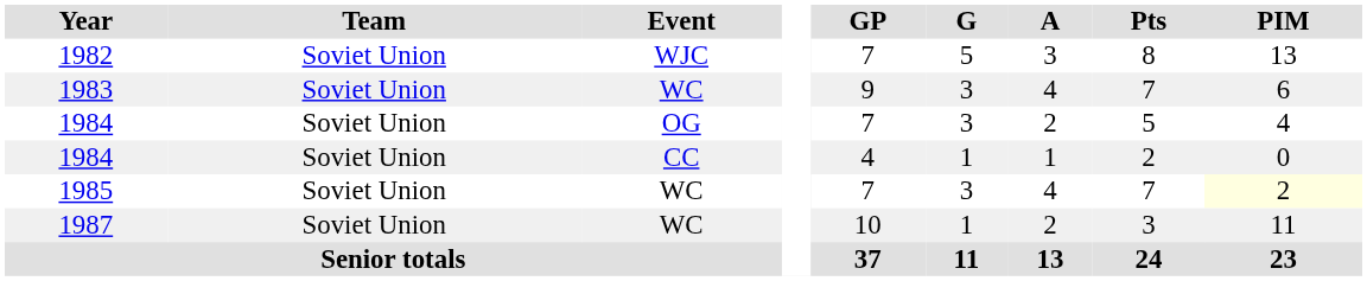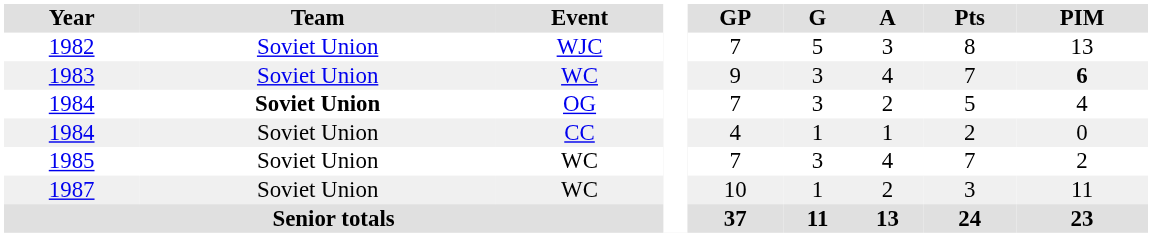 <table border="0" cellpadding="1" cellspacing="0" style="text-align:center; width:50em">
 <tr ALIGN="center" bgcolor="#e0e0e0">
 <th>Year</th>
 <th>Team</th>
 <th>Event</th>
 <th ALIGN="center" rowspan="99" bgcolor="#ffffff"> </th>
 <th>GP</th>
 <th>G</th>
 <th>A</th>
 <th>Pts</th>
 <th>PIM</th>
 </tr>
 <tr>
 <td><a href='#'>1982</a></td>
 <td><a href='#'>Soviet Union</a></td>
 <td><a href='#'>WJC</a></td>
 <td>7</td>
 <td>5</td>
 <td>3</td>
 <td>8</td>
 <td>13</td>
 </tr>
 <tr bgcolor="#f0f0f0">
 <td><a href='#'>1983</a></td>
 <td><a href='#'>Soviet Union</a></td>
 <td><a href='#'>WC</a></td>
 <td>9</td>
 <td>3</td>
 <td>4</td>
 <td>7</td>
-<td>6</td>
+<td><strong>6</strong></td>
 </tr>
 <tr>
 <td><a href='#'>1984</a></td>
-<td>Soviet Union</td>
+<td><strong>Soviet Union</strong></td>
 <td><a href='#'>OG</a></td>
 <td>7</td>
 <td>3</td>
 <td>2</td>
 <td>5</td>
 <td>4</td>
 </tr>
 <tr bgcolor="#f0f0f0">
 <td><a href='#'>1984</a></td>
 <td>Soviet Union</td>
 <td><a href='#'>CC</a></td>
 <td>4</td>
 <td>1</td>
 <td>1</td>
 <td>2</td>
 <td>0</td>
 </tr>
 <tr>
 <td><a href='#'>1985</a></td>
 <td>Soviet Union</td>
 <td>WC</td>
 <td>7</td>
 <td>3</td>
 <td>4</td>
 <td>7</td>
-<td style="background: lightyellow;">2</td>
+<td>2</td>
 </tr>
 <tr bgcolor="#f0f0f0">
 <td><a href='#'>1987</a></td>
 <td>Soviet Union</td>
 <td>WC</td>
 <td>10</td>
 <td>1</td>
 <td>2</td>
 <td>3</td>
 <td>11</td>
 </tr>
 <tr bgcolor="#e0e0e0">
 <th colspan=3>Senior totals</th>
 <th>37</th>
 <th>11</th>
 <th>13</th>
 <th>24</th>
 <th>23</th>
 </tr>
 </table>
